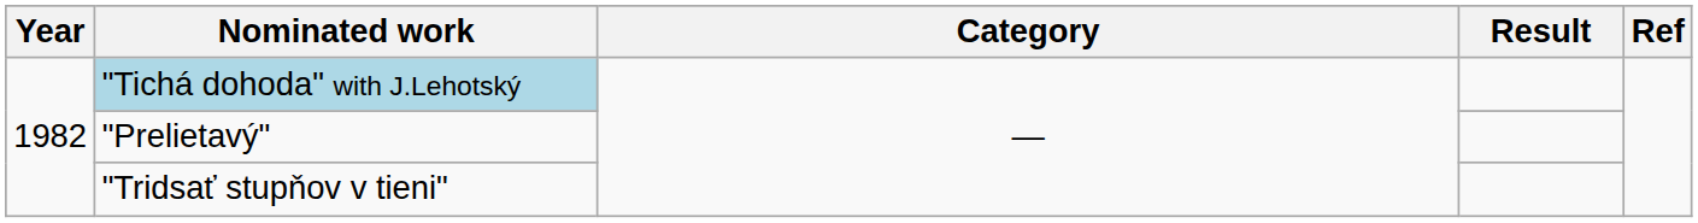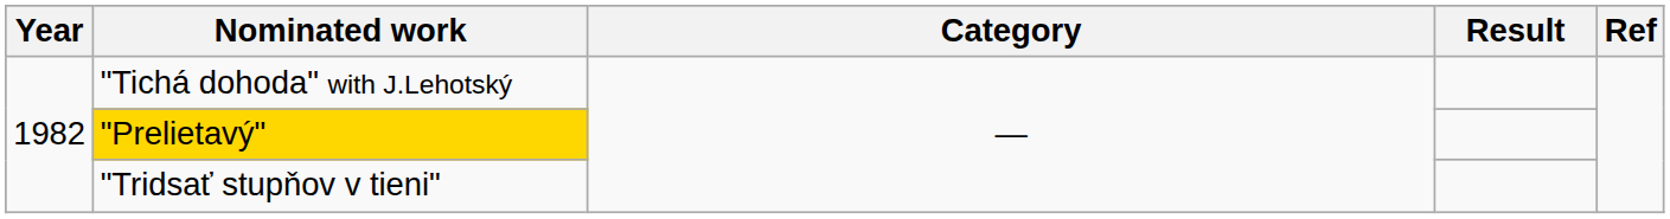 <table class="wikitable">
 <tr>
 <th style="width:10px;">Year</th>
 <th style="width:237px;">Nominated work</th>
 <th style="width:410px;">Category</th>
 <th style="width:73px;">Result</th>
 <th>Ref</th>
 </tr>
 <tr>
 <td rowspan=3>1982</td>
-<td style="background: lightblue;">"Tichá dohoda" <small>with J.Lehotský</small></td>
+<td>"Tichá dohoda" <small>with J.Lehotský</small></td>
 <td rowspan=3 align=center>—</td>
 <td></td>
 <td rowspan=3></td>
 </tr>
 <tr>
-<td>"Prelietavý"</td>
+<td style="background: gold;">"Prelietavý"</td>
 <td></td>
 </tr>
 <tr>
 <td>"Tridsať stupňov v tieni"</td>
 <td></td>
 </tr>
 </table>
